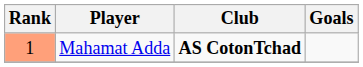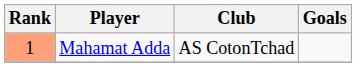 <table class="wikitable" style="text-align:center">
 <tr>
 <th>Rank</th>
 <th>Player</th>
 <th>Club</th>
 <th>Goals</th>
 </tr>
 <tr>
 <td style="background: lightsalmon;">1</td>
 <td align="left"> <a href='#'>Mahamat Adda</a></td>
-<td align="left"><strong>AS CotonTchad</strong></td>
+<td align="left">AS CotonTchad</td>
 <td></td>
 </tr>
 <tr>
 </tr>
 </table>
